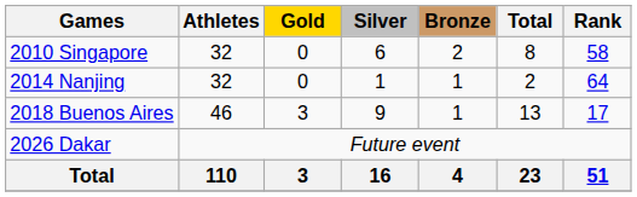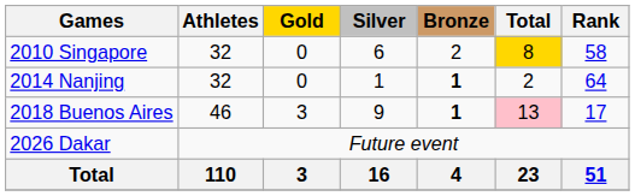 <table class="wikitable" style="text-align:center; font-size:90%;">
 <tr>
 <th>Games</th>
 <th>Athletes</th>
 <td style="background:gold; width:3.5em; font-weight:bold;">Gold</td>
 <td style="background:silver; width:3.5em; font-weight:bold;">Silver</td>
 <td style="background:#cc9966; width:3.5em; font-weight:bold;">Bronze</td>
 <th style="width:3em; font-weight:bold;">Total</th>
 <th style="width:3em; font-weight:bold;">Rank</th>
 </tr>
 <tr>
 <td align=left><a href='#'>2010 Singapore</a></td>
 <td>32</td>
 <td>0</td>
 <td>6</td>
 <td>2</td>
-<td>8</td>
+<td style="background: gold;">8</td>
 <td><a href='#'>58</a></td>
 </tr>
 <tr>
 <td align=left><a href='#'>2014 Nanjing</a></td>
 <td>32</td>
 <td>0</td>
 <td>1</td>
-<td>1</td>
+<td><strong>1</strong></td>
 <td>2</td>
 <td><a href='#'>64</a></td>
 </tr>
 <tr>
 <td align=left><a href='#'>2018 Buenos Aires</a></td>
 <td>46</td>
 <td>3</td>
 <td>9</td>
-<td>1</td>
-<td>13</td>
+<td><strong>1</strong></td>
+<td style="background: pink;">13</td>
 <td><a href='#'>17</a></td>
 </tr>
 <tr>
 <td align=left><a href='#'>2026 Dakar</a></td>
 <td colspan="6"><em>Future event</em></td>
 </tr>
 <tr>
 <th colspan=1>Total</th>
 <th>110</th>
 <th>3</th>
 <th>16</th>
 <th>4</th>
 <th>23</th>
 <th><a href='#'>51</a></th>
 </tr>
 <tr>
 </tr>
 </table>
